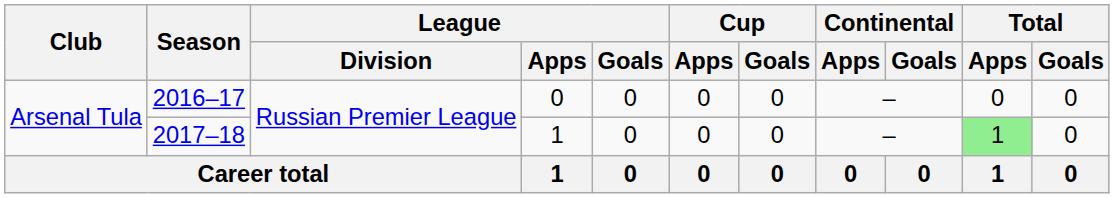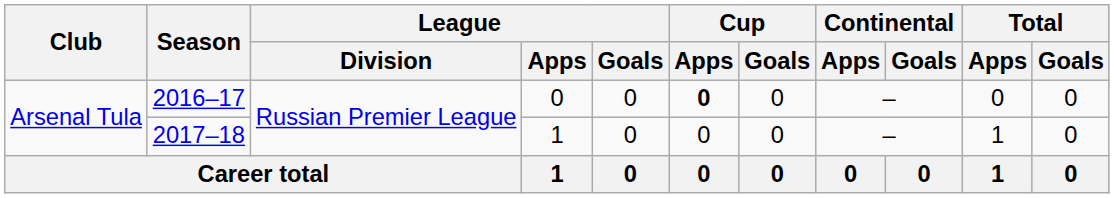 <table class="wikitable" style="text-align: center;">
 <tr>
 <th rowspan=2>Club</th>
 <th rowspan=2>Season</th>
 <th colspan=3>League</th>
 <th colspan=2>Cup</th>
 <th colspan=2>Continental</th>
 <th colspan=2>Total</th>
 </tr>
 <tr>
 <th>Division</th>
 <th>Apps</th>
 <th>Goals</th>
 <th>Apps</th>
 <th>Goals</th>
 <th>Apps</th>
 <th>Goals</th>
 <th>Apps</th>
 <th>Goals</th>
 </tr>
 <tr>
 <td rowspan=2><a href='#'>Arsenal Tula</a></td>
 <td><a href='#'>2016–17</a></td>
 <td rowspan=2><a href='#'>Russian Premier League</a></td>
 <td>0</td>
 <td>0</td>
-<td>0</td>
+<td><strong>0</strong></td>
 <td>0</td>
 <td colspan=2>–</td>
 <td>0</td>
 <td>0</td>
 </tr>
 <tr>
 <td><a href='#'>2017–18</a></td>
 <td>1</td>
 <td>0</td>
 <td>0</td>
 <td>0</td>
 <td colspan=2>–</td>
-<td style="background: lightgreen;">1</td>
+<td>1</td>
 <td>0</td>
 </tr>
 <tr>
 <th colspan=3>Career total</th>
 <th>1</th>
 <th>0</th>
 <th>0</th>
 <th>0</th>
 <th>0</th>
 <th>0</th>
 <th>1</th>
 <th>0</th>
 </tr>
 </table>
